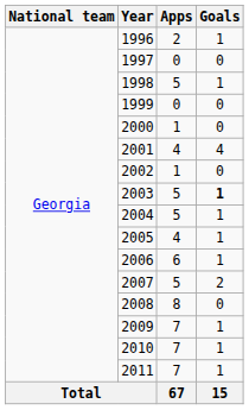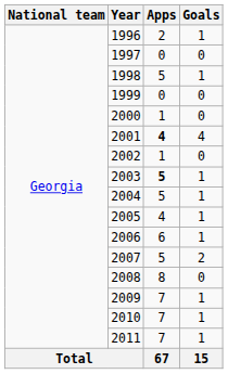 <table class="wikitable" style="text-align:center">
 <tr>
 <th>National team</th>
 <th>Year</th>
 <th>Apps</th>
 <th>Goals</th>
 </tr>
 <tr>
 <td rowspan="16"><a href='#'>Georgia</a></td>
 <td>1996</td>
 <td>2</td>
 <td>1</td>
 </tr>
 <tr>
 <td>1997</td>
 <td>0</td>
 <td>0</td>
 </tr>
 <tr>
 <td>1998</td>
 <td>5</td>
 <td>1</td>
 </tr>
 <tr>
 <td>1999</td>
 <td>0</td>
 <td>0</td>
 </tr>
 <tr>
 <td>2000</td>
 <td>1</td>
 <td>0</td>
 </tr>
 <tr>
 <td>2001</td>
-<td>4</td>
+<td><strong>4</strong></td>
 <td>4</td>
 </tr>
 <tr>
 <td>2002</td>
 <td>1</td>
 <td>0</td>
 </tr>
 <tr>
 <td>2003</td>
-<td>5</td>
-<td><strong>1</strong></td>
+<td><strong>5</strong></td>
+<td>1</td>
 </tr>
 <tr>
 <td>2004</td>
 <td>5</td>
 <td>1</td>
 </tr>
 <tr>
 <td>2005</td>
 <td>4</td>
 <td>1</td>
 </tr>
 <tr>
 <td>2006</td>
 <td>6</td>
 <td>1</td>
 </tr>
 <tr>
 <td>2007</td>
 <td>5</td>
 <td>2</td>
 </tr>
 <tr>
 <td>2008</td>
 <td>8</td>
 <td>0</td>
 </tr>
 <tr>
 <td>2009</td>
 <td>7</td>
 <td>1</td>
 </tr>
 <tr>
 <td>2010</td>
 <td>7</td>
 <td>1</td>
 </tr>
 <tr>
 <td>2011</td>
 <td>7</td>
 <td>1</td>
 </tr>
 <tr>
 <th colspan="2">Total</th>
 <th>67</th>
 <th>15</th>
 </tr>
 </table>
